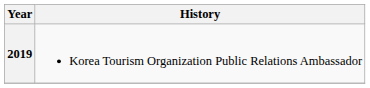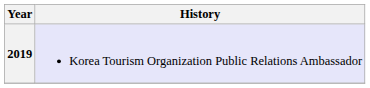 <table class="wikitable plainrowheaders">
 <tr>
 <th scope="col">Year</th>
 <th scope="col">History</th>
 </tr>
 <tr>
 <th scope="row">2019</th>
-<td><br><ul><li>Korea Tourism Organization Public Relations Ambassador</li></ul></td>
+<td style="background: lavender;"><br><ul><li>Korea Tourism Organization Public Relations Ambassador</li></ul></td>
 </tr>
 <tr>
 </tr>
 </table>
